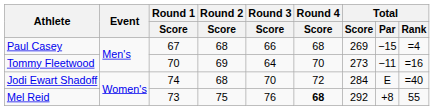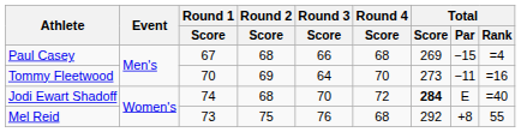 <table class=wikitable style=font-size:90%;text-align:center>
 <tr>
 <th rowspan=2>Athlete</th>
 <th rowspan=2>Event</th>
 <th>Round 1</th>
 <th>Round 2</th>
 <th>Round 3</th>
 <th>Round 4</th>
 <th colspan=3>Total</th>
 </tr>
 <tr style=font-size:95%>
 <th>Score</th>
 <th>Score</th>
 <th>Score</th>
 <th>Score</th>
 <th>Score</th>
 <th>Par</th>
 <th>Rank</th>
 </tr>
 <tr>
 <td align=left><a href='#'>Paul Casey</a></td>
 <td align=left rowspan=2><a href='#'>Men's</a></td>
 <td>67</td>
 <td>68</td>
 <td>66</td>
 <td>68</td>
 <td>269</td>
 <td>−15</td>
 <td>=4</td>
 </tr>
 <tr>
 <td align=left><a href='#'>Tommy Fleetwood</a></td>
 <td>70</td>
 <td>69</td>
 <td>64</td>
 <td>70</td>
 <td>273</td>
 <td>−11</td>
 <td>=16</td>
 </tr>
 <tr>
 <td align=left><a href='#'>Jodi Ewart Shadoff</a></td>
 <td align=left rowspan=2><a href='#'>Women's</a></td>
 <td>74</td>
 <td>68</td>
 <td>70</td>
 <td>72</td>
-<td>284</td>
+<td><strong>284</strong></td>
 <td>E</td>
 <td>=40</td>
 </tr>
 <tr>
 <td align=left><a href='#'>Mel Reid</a></td>
 <td>73</td>
 <td>75</td>
 <td>76</td>
-<td><strong>68</strong></td>
+<td>68</td>
 <td>292</td>
 <td>+8</td>
 <td>55</td>
 </tr>
 </table>
